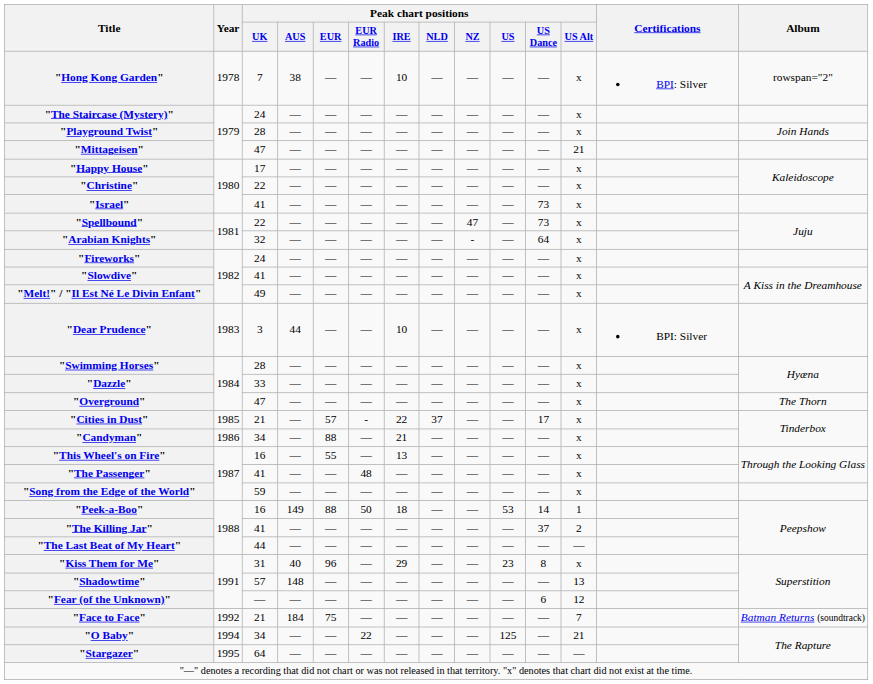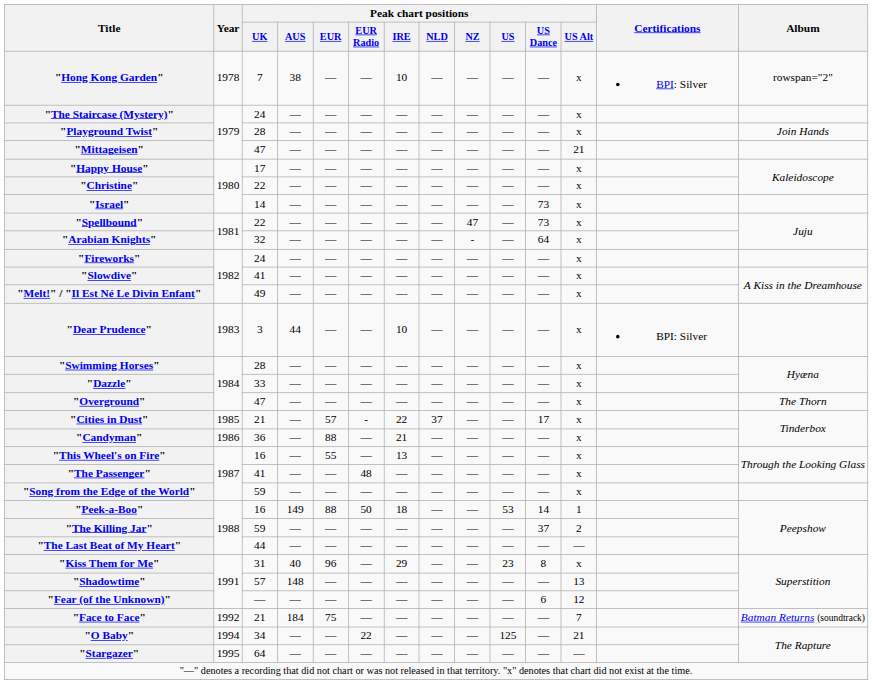 <table class="wikitable plainrowheaders" style="text-align:center;">
 <tr>
 <th scope="col" rowspan="2" style="width:18em;">Title</th>
 <th scope="col" rowspan="2">Year</th>
 <th scope="col" colspan="10">Peak chart positions</th>
 <th scope="col" rowspan="2" style="width:12em;"><a href='#'>Certifications</a></th>
 <th scope="col" rowspan="2">Album</th>
 </tr>
 <tr>
 <th scope="col" style="width:3em;font-size:90%;"><a href='#'>UK</a><br></th>
 <th scope="col" style="width:3em;font-size:90%;"><a href='#'>AUS</a><br></th>
 <th scope="col" style="width:3em;font-size:90%;"><a href='#'>EUR</a><br></th>
 <th scope="col" style="width:3em;font-size:90%;"><a href='#'>EUR<br>Radio</a><br></th>
 <th scope="col" style="width:3em;font-size:90%;"><a href='#'>IRE</a><br></th>
 <th scope="col" style="width:3em;font-size:90%;"><a href='#'>NLD</a><br></th>
 <th scope="col" style="width:3em;font-size:90%;"><a href='#'>NZ</a><br></th>
 <th scope="col" style="width:3em;font-size:90%;"><a href='#'>US</a><br></th>
 <th scope="col" style="width:3em;font-size:90%;"><a href='#'>US Dance</a><br></th>
 <th scope="col" style="width:3em;font-size:90%;"><a href='#'>US Alt</a><br></th>
 </tr>
 <tr>
 <th scope="row">"<a href='#'>Hong Kong Garden</a>"</th>
 <td>1978</td>
 <td>7</td>
 <td>38</td>
 <td>—</td>
 <td>—</td>
 <td>10</td>
 <td>—</td>
 <td>—</td>
 <td>—</td>
 <td>—</td>
 <td>x</td>
 <td><br><ul><li><a href='#'>BPI</a>: Silver</li></ul></td>
 <td>rowspan="2" </td>
 </tr>
 <tr>
 <th scope="row">"<a href='#'>The Staircase (Mystery)</a>"</th>
 <td rowspan="3">1979</td>
 <td>24</td>
 <td>—</td>
 <td>—</td>
 <td>—</td>
 <td>—</td>
 <td>—</td>
 <td>—</td>
 <td>—</td>
 <td>—</td>
 <td>x</td>
 <td></td>
 </tr>
 <tr>
 <th scope="row">"<a href='#'>Playground Twist</a>"</th>
 <td>28</td>
 <td>—</td>
 <td>—</td>
 <td>—</td>
 <td>—</td>
 <td>—</td>
 <td>—</td>
 <td>—</td>
 <td>—</td>
 <td>x</td>
 <td></td>
 <td><em>Join Hands</em></td>
 </tr>
 <tr>
 <th scope="row">"<a href='#'>Mittageisen</a>"</th>
 <td>47</td>
 <td>—</td>
 <td>—</td>
 <td>—</td>
 <td>—</td>
 <td>—</td>
 <td>—</td>
 <td>—</td>
 <td>—</td>
 <td>21</td>
 <td></td>
 <td></td>
 </tr>
 <tr>
 <th scope="row">"<a href='#'>Happy House</a>"</th>
 <td rowspan="3">1980</td>
 <td>17</td>
 <td>—</td>
 <td>—</td>
 <td>—</td>
 <td>—</td>
 <td>—</td>
 <td>—</td>
 <td>—</td>
 <td>—</td>
 <td>x</td>
 <td></td>
 <td rowspan="2"><em>Kaleidoscope</em></td>
 </tr>
 <tr>
 <th scope="row">"<a href='#'>Christine</a>"</th>
 <td>22</td>
 <td>—</td>
 <td>—</td>
 <td>—</td>
 <td>—</td>
 <td>—</td>
 <td>—</td>
 <td>—</td>
 <td>—</td>
 <td>x</td>
 <td></td>
 </tr>
 <tr>
 <th scope="row">"<a href='#'>Israel</a>"</th>
-<td>41</td>
+<td>14</td>
 <td>—</td>
 <td>—</td>
 <td>—</td>
 <td>—</td>
 <td>—</td>
 <td>—</td>
 <td>—</td>
 <td>73</td>
 <td>x</td>
 <td></td>
 <td></td>
 </tr>
 <tr>
 <th scope="row">"<a href='#'>Spellbound</a>"</th>
 <td rowspan="2">1981</td>
 <td>22</td>
 <td>—</td>
 <td>—</td>
 <td>—</td>
 <td>—</td>
 <td>—</td>
 <td>47</td>
 <td>—</td>
 <td>73</td>
 <td>x</td>
 <td></td>
 <td rowspan="2"><em>Juju</em></td>
 </tr>
 <tr>
 <th scope="row">"<a href='#'>Arabian Knights</a>"</th>
 <td>32</td>
 <td>—</td>
 <td>—</td>
 <td>—</td>
 <td>—</td>
 <td>—</td>
 <td>-</td>
 <td>—</td>
 <td>64</td>
 <td>x</td>
 <td></td>
 </tr>
 <tr>
 <th scope="row">"<a href='#'>Fireworks</a>"</th>
 <td rowspan="3">1982</td>
 <td>24</td>
 <td>—</td>
 <td>—</td>
 <td>—</td>
 <td>—</td>
 <td>—</td>
 <td>—</td>
 <td>—</td>
 <td>—</td>
 <td>x</td>
 <td></td>
 <td></td>
 </tr>
 <tr>
 <th scope="row">"<a href='#'>Slowdive</a>"</th>
 <td>41</td>
 <td>—</td>
 <td>—</td>
 <td>—</td>
 <td>—</td>
 <td>—</td>
 <td>—</td>
 <td>—</td>
 <td>—</td>
 <td>x</td>
 <td></td>
 <td rowspan="2"><em>A Kiss in the Dreamhouse</em></td>
 </tr>
 <tr>
 <th scope="row">"<a href='#'>Melt!</a>" / "<a href='#'>Il Est Né Le Divin Enfant</a>"</th>
 <td>49</td>
 <td>—</td>
 <td>—</td>
 <td>—</td>
 <td>—</td>
 <td>—</td>
 <td>—</td>
 <td>—</td>
 <td>—</td>
 <td>x</td>
 <td></td>
 </tr>
 <tr>
 <th scope="row">"<a href='#'>Dear Prudence</a>"</th>
 <td>1983</td>
 <td>3</td>
 <td>44</td>
 <td>—</td>
 <td>—</td>
 <td>10</td>
 <td>—</td>
 <td>—</td>
 <td>—</td>
 <td>—</td>
 <td>x</td>
 <td><br><ul><li>BPI: Silver</li></ul></td>
 <td></td>
 </tr>
 <tr>
 <th scope="row">"<a href='#'>Swimming Horses</a>"</th>
 <td rowspan="3">1984</td>
 <td>28</td>
 <td>—</td>
 <td>—</td>
 <td>—</td>
 <td>—</td>
 <td>—</td>
 <td>—</td>
 <td>—</td>
 <td>—</td>
 <td>x</td>
 <td></td>
 <td rowspan="2"><em>Hyæna</em></td>
 </tr>
 <tr>
 <th scope="row">"<a href='#'>Dazzle</a>"</th>
 <td>33</td>
 <td>—</td>
 <td>—</td>
 <td>—</td>
 <td>—</td>
 <td>—</td>
 <td>—</td>
 <td>—</td>
 <td>—</td>
 <td>x</td>
 <td></td>
 </tr>
 <tr>
 <th scope="row">"<a href='#'>Overground</a>"</th>
 <td>47</td>
 <td>—</td>
 <td>—</td>
 <td>—</td>
 <td>—</td>
 <td>—</td>
 <td>—</td>
 <td>—</td>
 <td>—</td>
 <td>x</td>
 <td></td>
 <td><em>The Thorn</em></td>
 </tr>
 <tr>
 <th scope="row">"<a href='#'>Cities in Dust</a>"</th>
 <td>1985</td>
 <td>21</td>
 <td>—</td>
 <td>57</td>
 <td>-</td>
 <td>22</td>
 <td>37</td>
 <td>—</td>
 <td>—</td>
 <td>17</td>
 <td>x</td>
 <td></td>
 <td rowspan="2"><em>Tinderbox</em></td>
 </tr>
 <tr>
 <th scope="row">"<a href='#'>Candyman</a>"</th>
 <td>1986</td>
-<td>34</td>
+<td>36</td>
 <td>—</td>
 <td>88</td>
 <td>—</td>
 <td>21</td>
 <td>—</td>
 <td>—</td>
 <td>—</td>
 <td>—</td>
 <td>x</td>
 <td></td>
 </tr>
 <tr>
 <th scope="row">"<a href='#'>This Wheel's on Fire</a>"</th>
 <td rowspan="3">1987</td>
 <td>16</td>
 <td>—</td>
 <td>55</td>
 <td>—</td>
 <td>13</td>
 <td>—</td>
 <td>—</td>
 <td>—</td>
 <td>—</td>
 <td>x</td>
 <td></td>
 <td rowspan="2"><em>Through the Looking Glass</em></td>
 </tr>
 <tr>
 <th scope="row">"<a href='#'>The Passenger</a>"</th>
 <td>41</td>
 <td>—</td>
 <td>—</td>
 <td>48</td>
 <td>—</td>
 <td>—</td>
 <td>—</td>
 <td>—</td>
 <td>—</td>
 <td>x</td>
 <td></td>
 </tr>
 <tr>
 <th scope="row">"<a href='#'>Song from the Edge of the World</a>"</th>
 <td>59</td>
 <td>—</td>
 <td>—</td>
 <td>—</td>
 <td>—</td>
 <td>—</td>
 <td>—</td>
 <td>—</td>
 <td>—</td>
 <td>x</td>
 <td></td>
 <td></td>
 </tr>
 <tr>
 <th scope="row">"<a href='#'>Peek-a-Boo</a>"</th>
 <td rowspan="3">1988</td>
 <td>16</td>
 <td>149</td>
 <td>88</td>
 <td>50</td>
 <td>18</td>
 <td>—</td>
 <td>—</td>
 <td>53</td>
 <td>14</td>
 <td>1</td>
 <td></td>
 <td rowspan="3"><em>Peepshow</em></td>
 </tr>
 <tr>
 <th scope="row">"<a href='#'>The Killing Jar</a>"</th>
-<td>41</td>
+<td>59</td>
 <td>—</td>
 <td>—</td>
 <td>—</td>
 <td>—</td>
 <td>—</td>
 <td>—</td>
 <td>—</td>
 <td>37</td>
 <td>2</td>
 <td></td>
 </tr>
 <tr>
 <th scope="row">"<a href='#'>The Last Beat of My Heart</a>"</th>
 <td>44</td>
 <td>—</td>
 <td>—</td>
 <td>—</td>
 <td>—</td>
 <td>—</td>
 <td>—</td>
 <td>—</td>
 <td>—</td>
 <td>—</td>
 <td></td>
 </tr>
 <tr>
 <th scope="row">"<a href='#'>Kiss Them for Me</a>"</th>
 <td rowspan="3">1991</td>
 <td>31</td>
 <td>40</td>
 <td>96</td>
 <td>—</td>
 <td>29</td>
 <td>—</td>
 <td>—</td>
 <td>23</td>
 <td>8</td>
 <td>x</td>
 <td></td>
 <td rowspan="3"><em>Superstition</em></td>
 </tr>
 <tr>
 <th scope="row">"<a href='#'>Shadowtime</a>"</th>
 <td>57</td>
 <td>148</td>
 <td>—</td>
 <td>—</td>
 <td>—</td>
 <td>—</td>
 <td>—</td>
 <td>—</td>
 <td>—</td>
 <td>13</td>
 <td></td>
 </tr>
 <tr>
 <th scope="row">"<a href='#'>Fear (of the Unknown)</a>"</th>
 <td>—</td>
 <td>—</td>
 <td>—</td>
 <td>—</td>
 <td>—</td>
 <td>—</td>
 <td>—</td>
 <td>—</td>
 <td>6</td>
 <td>12</td>
 <td></td>
 </tr>
 <tr>
 <th scope="row">"<a href='#'>Face to Face</a>"</th>
 <td>1992</td>
 <td>21</td>
 <td>184</td>
 <td>75</td>
 <td>—</td>
 <td>—</td>
 <td>—</td>
 <td>—</td>
 <td>—</td>
 <td>—</td>
 <td>7</td>
 <td></td>
 <td><em><a href='#'>Batman Returns</a></em> <small>(soundtrack)</small></td>
 </tr>
 <tr>
 <th scope="row">"<a href='#'>O Baby</a>"</th>
 <td>1994</td>
 <td>34</td>
 <td>—</td>
 <td>—</td>
 <td>22</td>
 <td>—</td>
 <td>—</td>
 <td>—</td>
 <td>125</td>
 <td>—</td>
 <td>21</td>
 <td></td>
 <td rowspan="2"><em>The Rapture</em></td>
 </tr>
 <tr>
 <th scope="row">"<a href='#'>Stargazer</a>"</th>
 <td>1995</td>
 <td>64</td>
 <td>—</td>
 <td>—</td>
 <td>—</td>
 <td>—</td>
 <td>—</td>
 <td>—</td>
 <td>—</td>
 <td>—</td>
 <td>—</td>
 </tr>
 <tr>
 <td colspan="14" style="font-size:90%">"—" denotes a recording that did not chart or was not released in that territory.  "x" denotes that chart did not exist at the time.</td>
 </tr>
 </table>
